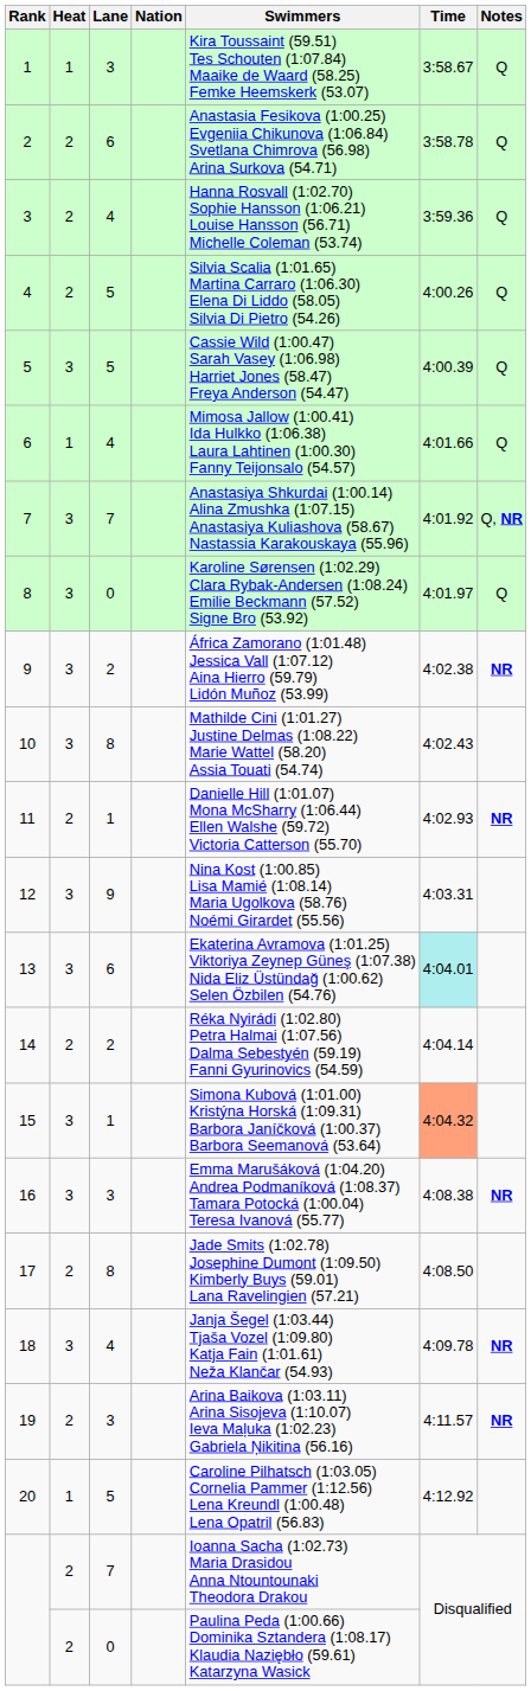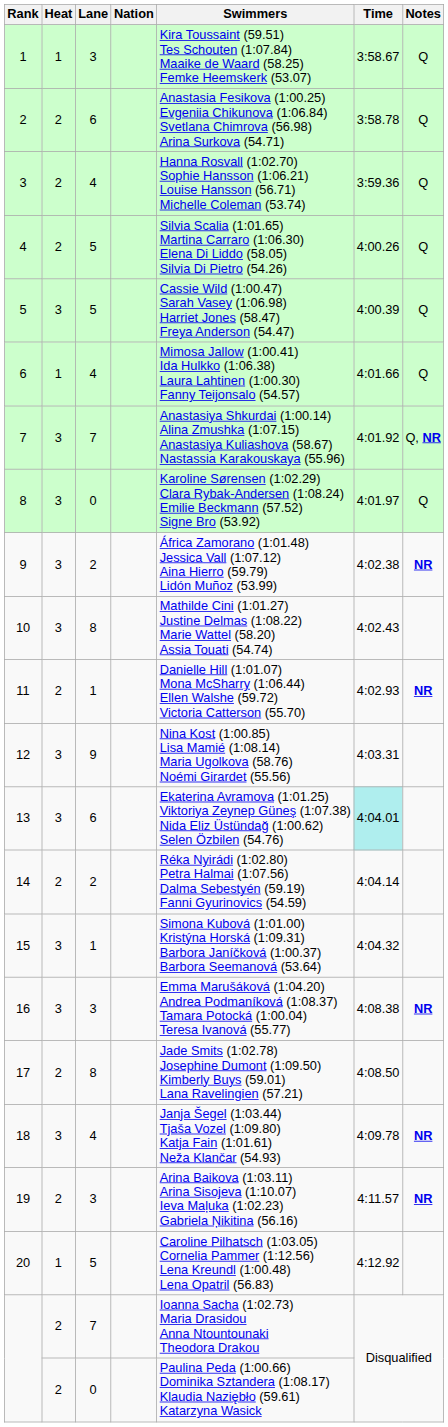 <table class="wikitable sortable" style="text-align:center">
 <tr>
 <th>Rank</th>
 <th>Heat</th>
 <th>Lane</th>
 <th>Nation</th>
 <th>Swimmers</th>
 <th>Time</th>
 <th>Notes</th>
 </tr>
 <tr bgcolor=ccffcc>
 <td>1</td>
 <td>1</td>
 <td>3</td>
 <td align=left></td>
 <td align=left><a href='#'>Kira Toussaint</a> (59.51)<br><a href='#'>Tes Schouten</a> (1:07.84)<br><a href='#'>Maaike de Waard</a> (58.25)<br><a href='#'>Femke Heemskerk</a> (53.07)</td>
 <td>3:58.67</td>
 <td>Q</td>
 </tr>
 <tr bgcolor=ccffcc>
 <td>2</td>
 <td>2</td>
 <td>6</td>
 <td align=left></td>
 <td align=left><a href='#'>Anastasia Fesikova</a> (1:00.25)<br><a href='#'>Evgeniia Chikunova</a> (1:06.84)<br><a href='#'>Svetlana Chimrova</a> (56.98)<br><a href='#'>Arina Surkova</a> (54.71)</td>
 <td>3:58.78</td>
 <td>Q</td>
 </tr>
 <tr bgcolor=ccffcc>
 <td>3</td>
 <td>2</td>
 <td>4</td>
 <td align=left></td>
 <td align=left><a href='#'>Hanna Rosvall</a> (1:02.70)<br><a href='#'>Sophie Hansson</a> (1:06.21)<br><a href='#'>Louise Hansson</a> (56.71)<br><a href='#'>Michelle Coleman</a> (53.74)</td>
 <td>3:59.36</td>
 <td>Q</td>
 </tr>
 <tr bgcolor=ccffcc>
 <td>4</td>
 <td>2</td>
 <td>5</td>
 <td align=left></td>
 <td align=left><a href='#'>Silvia Scalia</a> (1:01.65)<br><a href='#'>Martina Carraro</a> (1:06.30)<br><a href='#'>Elena Di Liddo</a> (58.05)<br><a href='#'>Silvia Di Pietro</a> (54.26)</td>
 <td>4:00.26</td>
 <td>Q</td>
 </tr>
 <tr bgcolor=ccffcc>
 <td>5</td>
 <td>3</td>
 <td>5</td>
 <td align=left></td>
 <td align=left><a href='#'>Cassie Wild</a> (1:00.47)<br><a href='#'>Sarah Vasey</a> (1:06.98)<br><a href='#'>Harriet Jones</a> (58.47)<br><a href='#'>Freya Anderson</a> (54.47)</td>
 <td>4:00.39</td>
 <td>Q</td>
 </tr>
 <tr bgcolor=ccffcc>
 <td>6</td>
 <td>1</td>
 <td>4</td>
 <td align=left></td>
 <td align=left><a href='#'>Mimosa Jallow</a> (1:00.41)<br><a href='#'>Ida Hulkko</a> (1:06.38)<br><a href='#'>Laura Lahtinen</a> (1:00.30)<br><a href='#'>Fanny Teijonsalo</a> (54.57)</td>
 <td>4:01.66</td>
 <td>Q</td>
 </tr>
 <tr bgcolor=ccffcc>
 <td>7</td>
 <td>3</td>
 <td>7</td>
 <td align=left></td>
 <td align=left><a href='#'>Anastasiya Shkurdai</a> (1:00.14)<br><a href='#'>Alina Zmushka</a> (1:07.15)<br><a href='#'>Anastasiya Kuliashova</a> (58.67)<br><a href='#'>Nastassia Karakouskaya</a> (55.96)</td>
 <td>4:01.92</td>
 <td>Q, <strong><a href='#'>NR</a></strong></td>
 </tr>
 <tr bgcolor=ccffcc>
 <td>8</td>
 <td>3</td>
 <td>0</td>
 <td align=left></td>
 <td align=left><a href='#'>Karoline Sørensen</a> (1:02.29)<br><a href='#'>Clara Rybak-Andersen</a> (1:08.24)<br><a href='#'>Emilie Beckmann</a> (57.52)<br><a href='#'>Signe Bro</a> (53.92)</td>
 <td>4:01.97</td>
 <td>Q</td>
 </tr>
 <tr>
 <td>9</td>
 <td>3</td>
 <td>2</td>
 <td align=left></td>
 <td align=left><a href='#'>África Zamorano</a> (1:01.48)<br><a href='#'>Jessica Vall</a> (1:07.12)<br><a href='#'>Aina Hierro</a> (59.79)<br><a href='#'>Lidón Muñoz</a> (53.99)</td>
 <td>4:02.38</td>
 <td><strong><a href='#'>NR</a></strong></td>
 </tr>
 <tr>
 <td>10</td>
 <td>3</td>
 <td>8</td>
 <td align=left></td>
 <td align=left><a href='#'>Mathilde Cini</a> (1:01.27)<br><a href='#'>Justine Delmas</a> (1:08.22)<br><a href='#'>Marie Wattel</a> (58.20)<br><a href='#'>Assia Touati</a> (54.74)</td>
 <td>4:02.43</td>
 <td></td>
 </tr>
 <tr>
 <td>11</td>
 <td>2</td>
 <td>1</td>
 <td align=left></td>
 <td align=left><a href='#'>Danielle Hill</a> (1:01.07)<br><a href='#'>Mona McSharry</a> (1:06.44)<br><a href='#'>Ellen Walshe</a> (59.72)<br><a href='#'>Victoria Catterson</a> (55.70)</td>
 <td>4:02.93</td>
 <td><strong><a href='#'>NR</a></strong></td>
 </tr>
 <tr>
 <td>12</td>
 <td>3</td>
 <td>9</td>
 <td align=left></td>
 <td align=left><a href='#'>Nina Kost</a> (1:00.85)<br><a href='#'>Lisa Mamié</a> (1:08.14)<br><a href='#'>Maria Ugolkova</a> (58.76)<br><a href='#'>Noémi Girardet</a> (55.56)</td>
 <td>4:03.31</td>
 <td></td>
 </tr>
 <tr>
 <td>13</td>
 <td>3</td>
 <td>6</td>
 <td align=left></td>
 <td align=left><a href='#'>Ekaterina Avramova</a> (1:01.25)<br><a href='#'>Viktoriya Zeynep Güneş</a> (1:07.38)<br><a href='#'>Nida Eliz Üstündağ</a> (1:00.62)<br><a href='#'>Selen Özbilen</a> (54.76)</td>
 <td style="background: paleturquoise;">4:04.01</td>
 <td></td>
 </tr>
 <tr>
 <td>14</td>
 <td>2</td>
 <td>2</td>
 <td align=left></td>
 <td align=left><a href='#'>Réka Nyirádi</a> (1:02.80)<br><a href='#'>Petra Halmai</a> (1:07.56)<br><a href='#'>Dalma Sebestyén</a> (59.19)<br><a href='#'>Fanni Gyurinovics</a> (54.59)</td>
 <td>4:04.14</td>
 <td></td>
 </tr>
 <tr>
 <td>15</td>
 <td>3</td>
 <td>1</td>
 <td align=left></td>
 <td align=left><a href='#'>Simona Kubová</a> (1:01.00)<br><a href='#'>Kristýna Horská</a> (1:09.31)<br><a href='#'>Barbora Janíčková</a> (1:00.37)<br><a href='#'>Barbora Seemanová</a> (53.64)</td>
-<td style="background: lightsalmon;">4:04.32</td>
+<td>4:04.32</td>
 <td></td>
 </tr>
 <tr>
 <td>16</td>
 <td>3</td>
 <td>3</td>
 <td align=left></td>
 <td align=left><a href='#'>Emma Marušáková</a> (1:04.20)<br><a href='#'>Andrea Podmaníková</a> (1:08.37)<br><a href='#'>Tamara Potocká</a> (1:00.04)<br><a href='#'>Teresa Ivanová</a> (55.77)</td>
 <td>4:08.38</td>
 <td><strong><a href='#'>NR</a></strong></td>
 </tr>
 <tr>
 <td>17</td>
 <td>2</td>
 <td>8</td>
 <td align=left></td>
 <td align=left><a href='#'>Jade Smits</a> (1:02.78)<br><a href='#'>Josephine Dumont</a> (1:09.50)<br><a href='#'>Kimberly Buys</a> (59.01)<br><a href='#'>Lana Ravelingien</a> (57.21)</td>
 <td>4:08.50</td>
 <td></td>
 </tr>
 <tr>
 <td>18</td>
 <td>3</td>
 <td>4</td>
 <td align=left></td>
 <td align=left><a href='#'>Janja Šegel</a> (1:03.44)<br><a href='#'>Tjaša Vozel</a> (1:09.80)<br><a href='#'>Katja Fain</a> (1:01.61)<br><a href='#'>Neža Klančar</a> (54.93)</td>
 <td>4:09.78</td>
 <td><strong><a href='#'>NR</a></strong></td>
 </tr>
 <tr>
 <td>19</td>
 <td>2</td>
 <td>3</td>
 <td align=left></td>
 <td align=left><a href='#'>Arina Baikova</a> (1:03.11)<br><a href='#'>Arina Sisojeva</a> (1:10.07)<br><a href='#'>Ieva Maļuka</a> (1:02.23)<br><a href='#'>Gabriela Ņikitina</a> (56.16)</td>
 <td>4:11.57</td>
 <td><strong><a href='#'>NR</a></strong></td>
 </tr>
 <tr>
 <td>20</td>
 <td>1</td>
 <td>5</td>
 <td align=left></td>
 <td align=left><a href='#'>Caroline Pilhatsch</a> (1:03.05)<br><a href='#'>Cornelia Pammer</a> (1:12.56)<br><a href='#'>Lena Kreundl</a> (1:00.48)<br><a href='#'>Lena Opatril</a> (56.83)</td>
 <td>4:12.92</td>
 <td></td>
 </tr>
 <tr>
 <td rowspan=2></td>
 <td>2</td>
 <td>7</td>
 <td align=left></td>
 <td align=left><a href='#'>Ioanna Sacha</a> (1:02.73)<br><a href='#'>Maria Drasidou</a><br><a href='#'>Anna Ntountounaki</a><br><a href='#'>Theodora Drakou</a></td>
 <td colspan=2 rowspan=2>Disqualified</td>
 </tr>
 <tr>
 <td>2</td>
 <td>0</td>
 <td align=left></td>
 <td align=left><a href='#'>Paulina Peda</a> (1:00.66)<br><a href='#'>Dominika Sztandera</a> (1:08.17)<br><a href='#'>Klaudia Naziębło</a> (59.61)<br><a href='#'>Katarzyna Wasick</a></td>
 </tr>
 </table>
